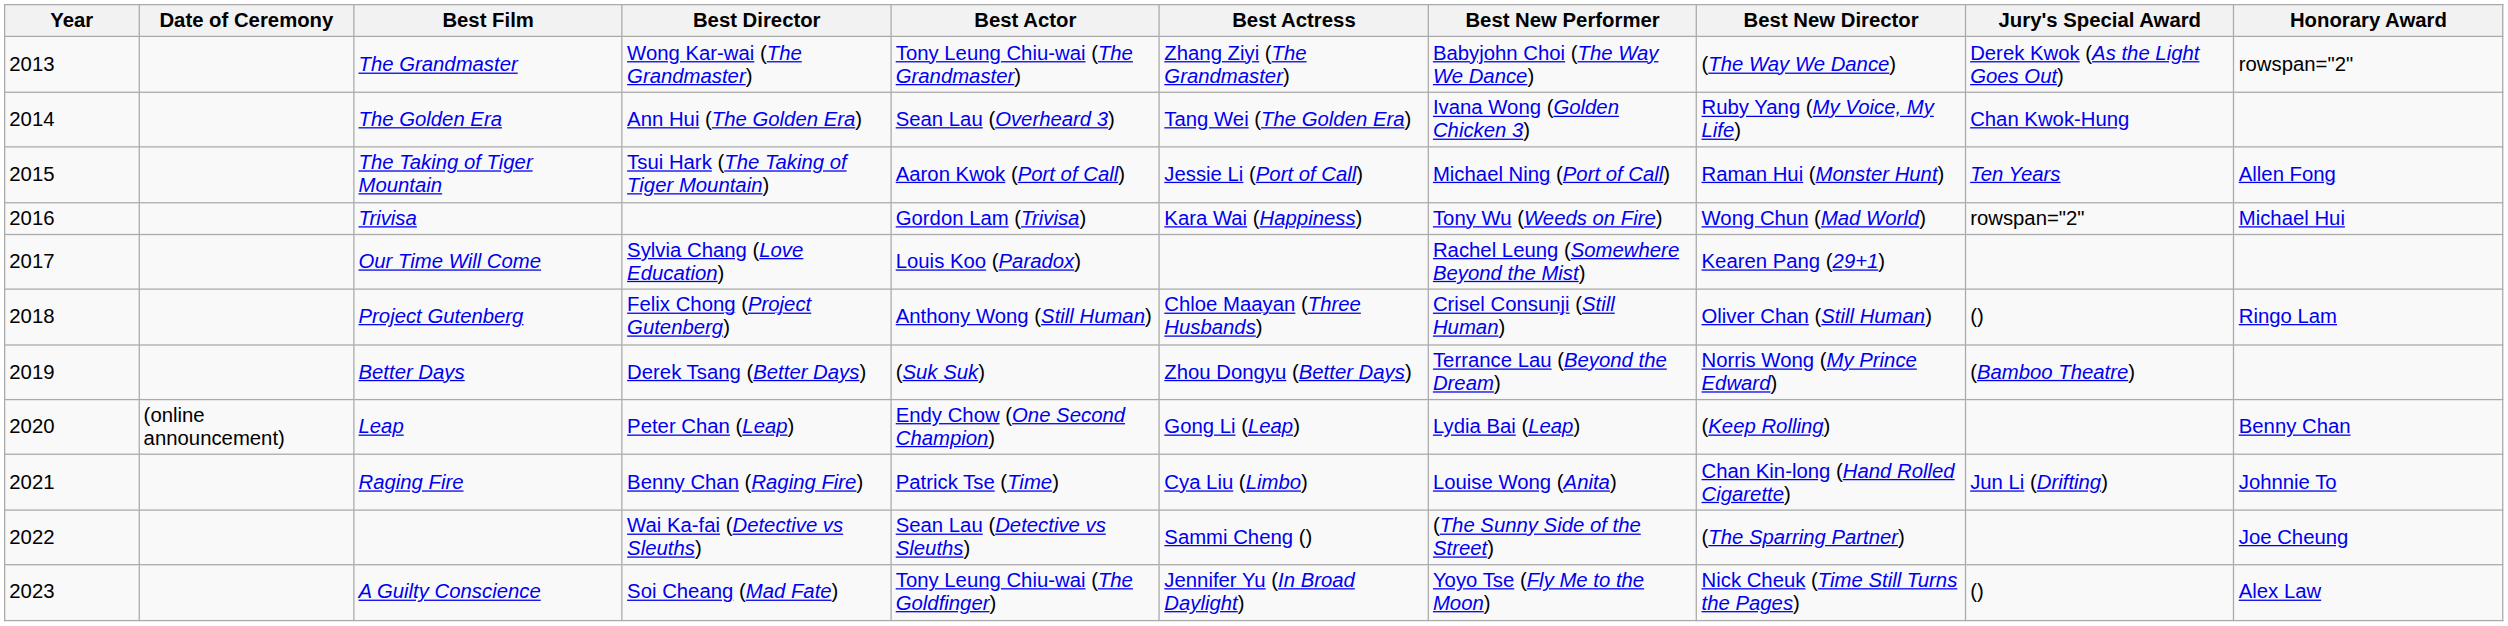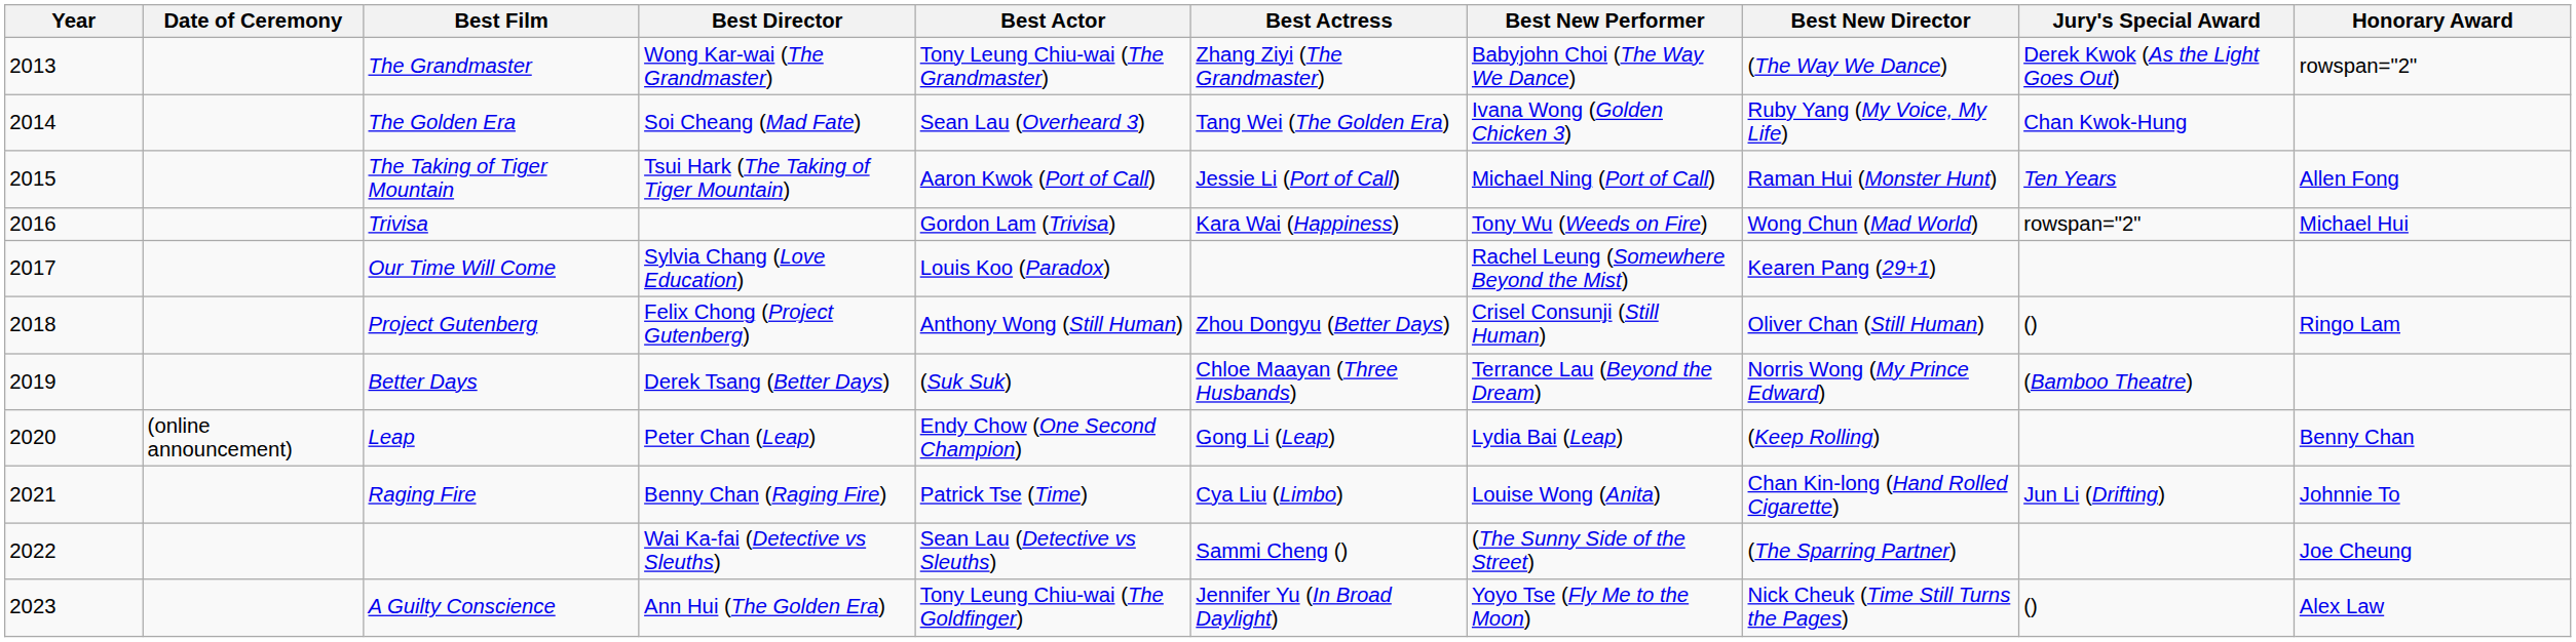 <table class="wikitable">
 <tr>
 <th width=5%>Year</th>
 <th width=8%>Date of Ceremony</th>
 <th width=10%>Best Film</th>
 <th width=10%>Best Director</th>
 <th width=10%>Best Actor</th>
 <th width=10%>Best Actress</th>
 <th width=10%>Best New Performer</th>
 <th width=10%>Best New Director</th>
 <th width=10%>Jury's Special Award</th>
 <th width=10%>Honorary Award</th>
 </tr>
 <tr>
 <td>2013</td>
 <td></td>
 <td><em><a href='#'>The Grandmaster</a></em></td>
 <td><a href='#'>Wong Kar-wai</a> (<em><a href='#'>The Grandmaster</a></em>)</td>
 <td><a href='#'>Tony Leung Chiu-wai</a> (<em><a href='#'>The Grandmaster</a></em>)</td>
 <td><a href='#'>Zhang Ziyi</a> (<em><a href='#'>The Grandmaster</a></em>)</td>
 <td><a href='#'>Babyjohn Choi</a> (<em><a href='#'>The Way We Dance</a></em>)</td>
 <td> (<em><a href='#'>The Way We Dance</a></em>)</td>
 <td><a href='#'>Derek Kwok</a> (<em><a href='#'>As the Light Goes Out</a></em>)</td>
 <td>rowspan="2"</td>
 </tr>
 <tr>
 <td>2014</td>
 <td></td>
 <td><em><a href='#'>The Golden Era</a></em></td>
-<td><a href='#'>Ann Hui</a> (<em><a href='#'>The Golden Era</a></em>)</td>
+<td><a href='#'>Soi Cheang</a> (<em><a href='#'>Mad Fate</a></em>)</td>
 <td><a href='#'>Sean Lau</a> (<em><a href='#'>Overheard 3</a></em>)</td>
 <td><a href='#'>Tang Wei</a> (<em><a href='#'>The Golden Era</a></em>)</td>
 <td><a href='#'>Ivana Wong</a> (<em><a href='#'>Golden Chicken 3</a></em>)</td>
 <td><a href='#'>Ruby Yang</a> (<em><a href='#'>My Voice, My Life</a></em>)</td>
 <td><a href='#'>Chan Kwok-Hung</a></td>
 </tr>
 <tr>
 <td>2015</td>
 <td></td>
 <td><em><a href='#'>The Taking of Tiger Mountain</a></em></td>
 <td><a href='#'>Tsui Hark</a> (<em><a href='#'>The Taking of Tiger Mountain</a></em>)</td>
 <td><a href='#'>Aaron Kwok</a> (<em><a href='#'>Port of Call</a></em>)</td>
 <td><a href='#'>Jessie Li</a> (<em><a href='#'>Port of Call</a></em>)</td>
 <td><a href='#'>Michael Ning</a> (<em><a href='#'>Port of Call</a></em>)</td>
 <td><a href='#'>Raman Hui</a> (<em><a href='#'>Monster Hunt</a></em>)</td>
 <td><em><a href='#'>Ten Years</a></em></td>
 <td><a href='#'>Allen Fong</a></td>
 </tr>
 <tr>
 <td>2016</td>
 <td></td>
 <td><em><a href='#'>Trivisa</a></em></td>
 <td></td>
 <td><a href='#'>Gordon Lam</a> (<em><a href='#'>Trivisa</a></em>)</td>
 <td><a href='#'>Kara Wai</a> (<em><a href='#'>Happiness</a></em>)</td>
 <td><a href='#'>Tony Wu</a> (<em><a href='#'>Weeds on Fire</a></em>)</td>
 <td><a href='#'>Wong Chun</a> (<em><a href='#'>Mad World</a></em>)</td>
 <td>rowspan="2"</td>
 <td><a href='#'>Michael Hui</a></td>
 </tr>
 <tr>
 <td>2017</td>
 <td></td>
 <td><em><a href='#'>Our Time Will Come</a></em></td>
 <td><a href='#'>Sylvia Chang</a> (<em><a href='#'>Love Education</a></em>)</td>
 <td><a href='#'>Louis Koo</a> (<em><a href='#'>Paradox</a></em>)</td>
 <td></td>
 <td><a href='#'>Rachel Leung</a> (<em><a href='#'>Somewhere Beyond the Mist</a></em>)</td>
 <td><a href='#'>Kearen Pang</a> (<em><a href='#'>29+1</a></em>)</td>
 <td></td>
 </tr>
 <tr>
 <td>2018</td>
 <td></td>
 <td><em><a href='#'>Project Gutenberg</a></em></td>
 <td><a href='#'>Felix Chong</a> (<em><a href='#'>Project Gutenberg</a></em>)</td>
 <td><a href='#'>Anthony Wong</a> (<em><a href='#'>Still Human</a></em>)</td>
-<td><a href='#'>Chloe Maayan</a> (<em><a href='#'>Three Husbands</a></em>)</td>
+<td><a href='#'>Zhou Dongyu</a> (<em><a href='#'>Better Days</a></em>)</td>
 <td><a href='#'>Crisel Consunji</a> (<em><a href='#'>Still Human</a></em>)</td>
 <td><a href='#'>Oliver Chan</a> (<em><a href='#'>Still Human</a></em>)</td>
 <td> (<em></em>)</td>
 <td><a href='#'>Ringo Lam</a></td>
 </tr>
 <tr>
 <td>2019</td>
 <td></td>
 <td><em><a href='#'>Better Days</a></em></td>
 <td><a href='#'>Derek Tsang</a> (<em><a href='#'>Better Days</a></em>)</td>
 <td> (<em><a href='#'>Suk Suk</a></em>)</td>
-<td><a href='#'>Zhou Dongyu</a> (<em><a href='#'>Better Days</a></em>)</td>
+<td><a href='#'>Chloe Maayan</a> (<em><a href='#'>Three Husbands</a></em>)</td>
 <td><a href='#'>Terrance Lau</a> (<em><a href='#'>Beyond the Dream</a></em>)</td>
 <td><a href='#'>Norris Wong</a> (<em><a href='#'>My Prince Edward</a></em>)</td>
 <td> (<em><a href='#'>Bamboo Theatre</a></em>)</td>
 <td></td>
 </tr>
 <tr>
 <td>2020</td>
 <td> (online announcement)</td>
 <td><em><a href='#'>Leap</a></em></td>
 <td><a href='#'>Peter Chan</a> (<em><a href='#'>Leap</a></em>)</td>
 <td><a href='#'>Endy Chow</a> (<em><a href='#'>One Second Champion</a></em>)</td>
 <td><a href='#'>Gong Li</a> (<em><a href='#'>Leap</a></em>)</td>
 <td><a href='#'>Lydia Bai</a> (<em><a href='#'>Leap</a></em>)</td>
 <td> (<em><a href='#'>Keep Rolling</a></em>)</td>
 <td></td>
 <td><a href='#'>Benny Chan</a></td>
 </tr>
 <tr>
 <td>2021</td>
 <td></td>
 <td><em><a href='#'>Raging Fire</a></em></td>
 <td><a href='#'>Benny Chan</a> (<em><a href='#'>Raging Fire</a></em>)</td>
 <td><a href='#'>Patrick Tse</a> (<em><a href='#'>Time</a></em>)</td>
 <td><a href='#'>Cya Liu</a> (<em><a href='#'>Limbo</a></em>)</td>
 <td><a href='#'>Louise Wong</a> (<em><a href='#'>Anita</a></em>)</td>
 <td><a href='#'>Chan Kin-long</a> (<em><a href='#'>Hand Rolled Cigarette</a></em>)</td>
 <td><a href='#'>Jun Li</a> (<em><a href='#'>Drifting</a></em>)</td>
 <td><a href='#'>Johnnie To</a></td>
 </tr>
 <tr>
 <td>2022</td>
 <td></td>
 <td><em></em></td>
 <td><a href='#'>Wai Ka-fai</a> (<em><a href='#'>Detective vs Sleuths</a></em>)</td>
 <td><a href='#'>Sean Lau</a> (<em><a href='#'>Detective vs Sleuths</a></em>)</td>
 <td><a href='#'>Sammi Cheng</a> (<em></em>)</td>
 <td> (<em><a href='#'>The Sunny Side of the Street</a></em>)</td>
 <td> (<em><a href='#'>The Sparring Partner</a></em>)</td>
 <td></td>
 <td><a href='#'>Joe Cheung</a></td>
 </tr>
 <tr>
 <td>2023</td>
 <td></td>
 <td><em><a href='#'>A Guilty Conscience</a></em></td>
-<td><a href='#'>Soi Cheang</a> (<em><a href='#'>Mad Fate</a></em>)</td>
+<td><a href='#'>Ann Hui</a> (<em><a href='#'>The Golden Era</a></em>)</td>
 <td><a href='#'>Tony Leung Chiu-wai</a> (<em><a href='#'>The Goldfinger</a></em>)</td>
 <td><a href='#'>Jennifer Yu</a> (<em><a href='#'>In Broad Daylight</a></em>)</td>
 <td><a href='#'>Yoyo Tse</a> (<em><a href='#'>Fly Me to the Moon</a></em>)</td>
 <td><a href='#'>Nick Cheuk</a> (<em><a href='#'>Time Still Turns the Pages</a></em>)</td>
 <td> (<em></em>)</td>
 <td><a href='#'>Alex Law</a></td>
 </tr>
 </table>
